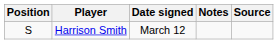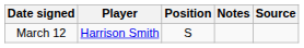 <table class="wikitable" style="text-align:center">
 <tr>
+<th>Date signed</th>
+<th>Player</th>
 <th>Position</th>
-<th>Player</th>
-<th>Date signed</th>
 <th>Notes</th>
 <th>Source</th>
 </tr>
 <tr>
+<td>March 12</td>
+<td><a href='#'>Harrison Smith</a></td>
 <td>S</td>
-<td><a href='#'>Harrison Smith</a></td>
-<td>March 12</td>
 <td></td>
 <td></td>
 </tr>
 </table>
